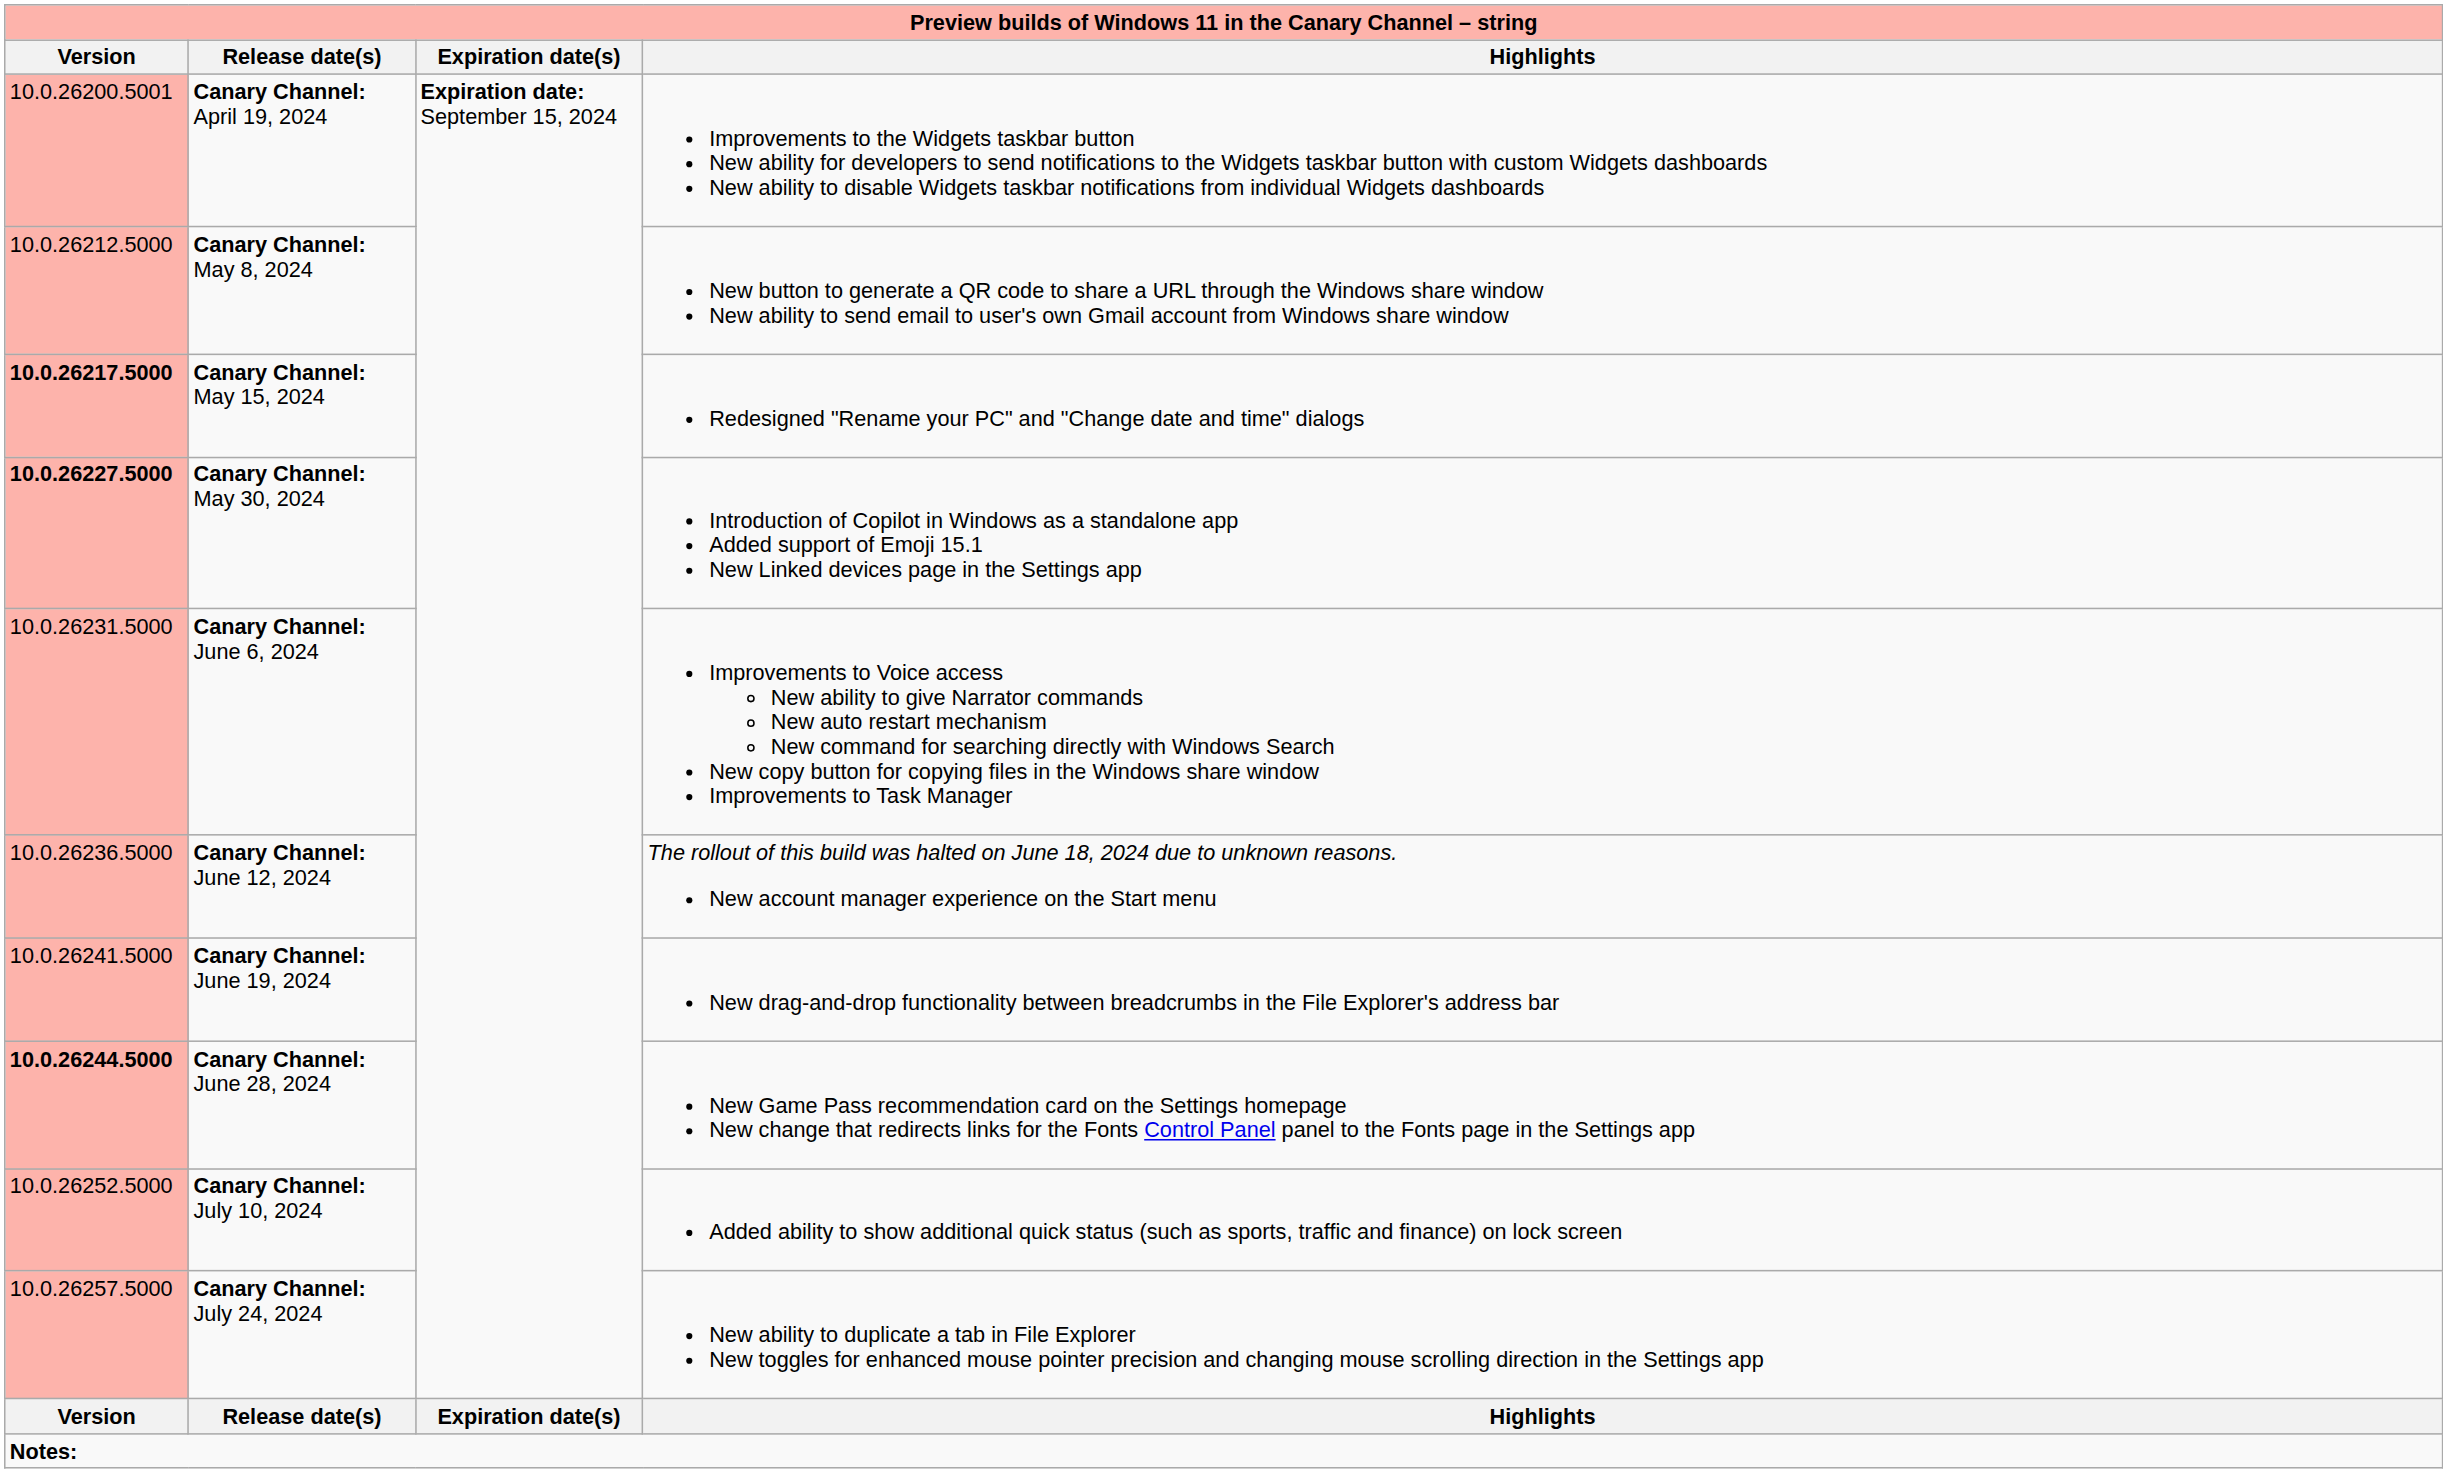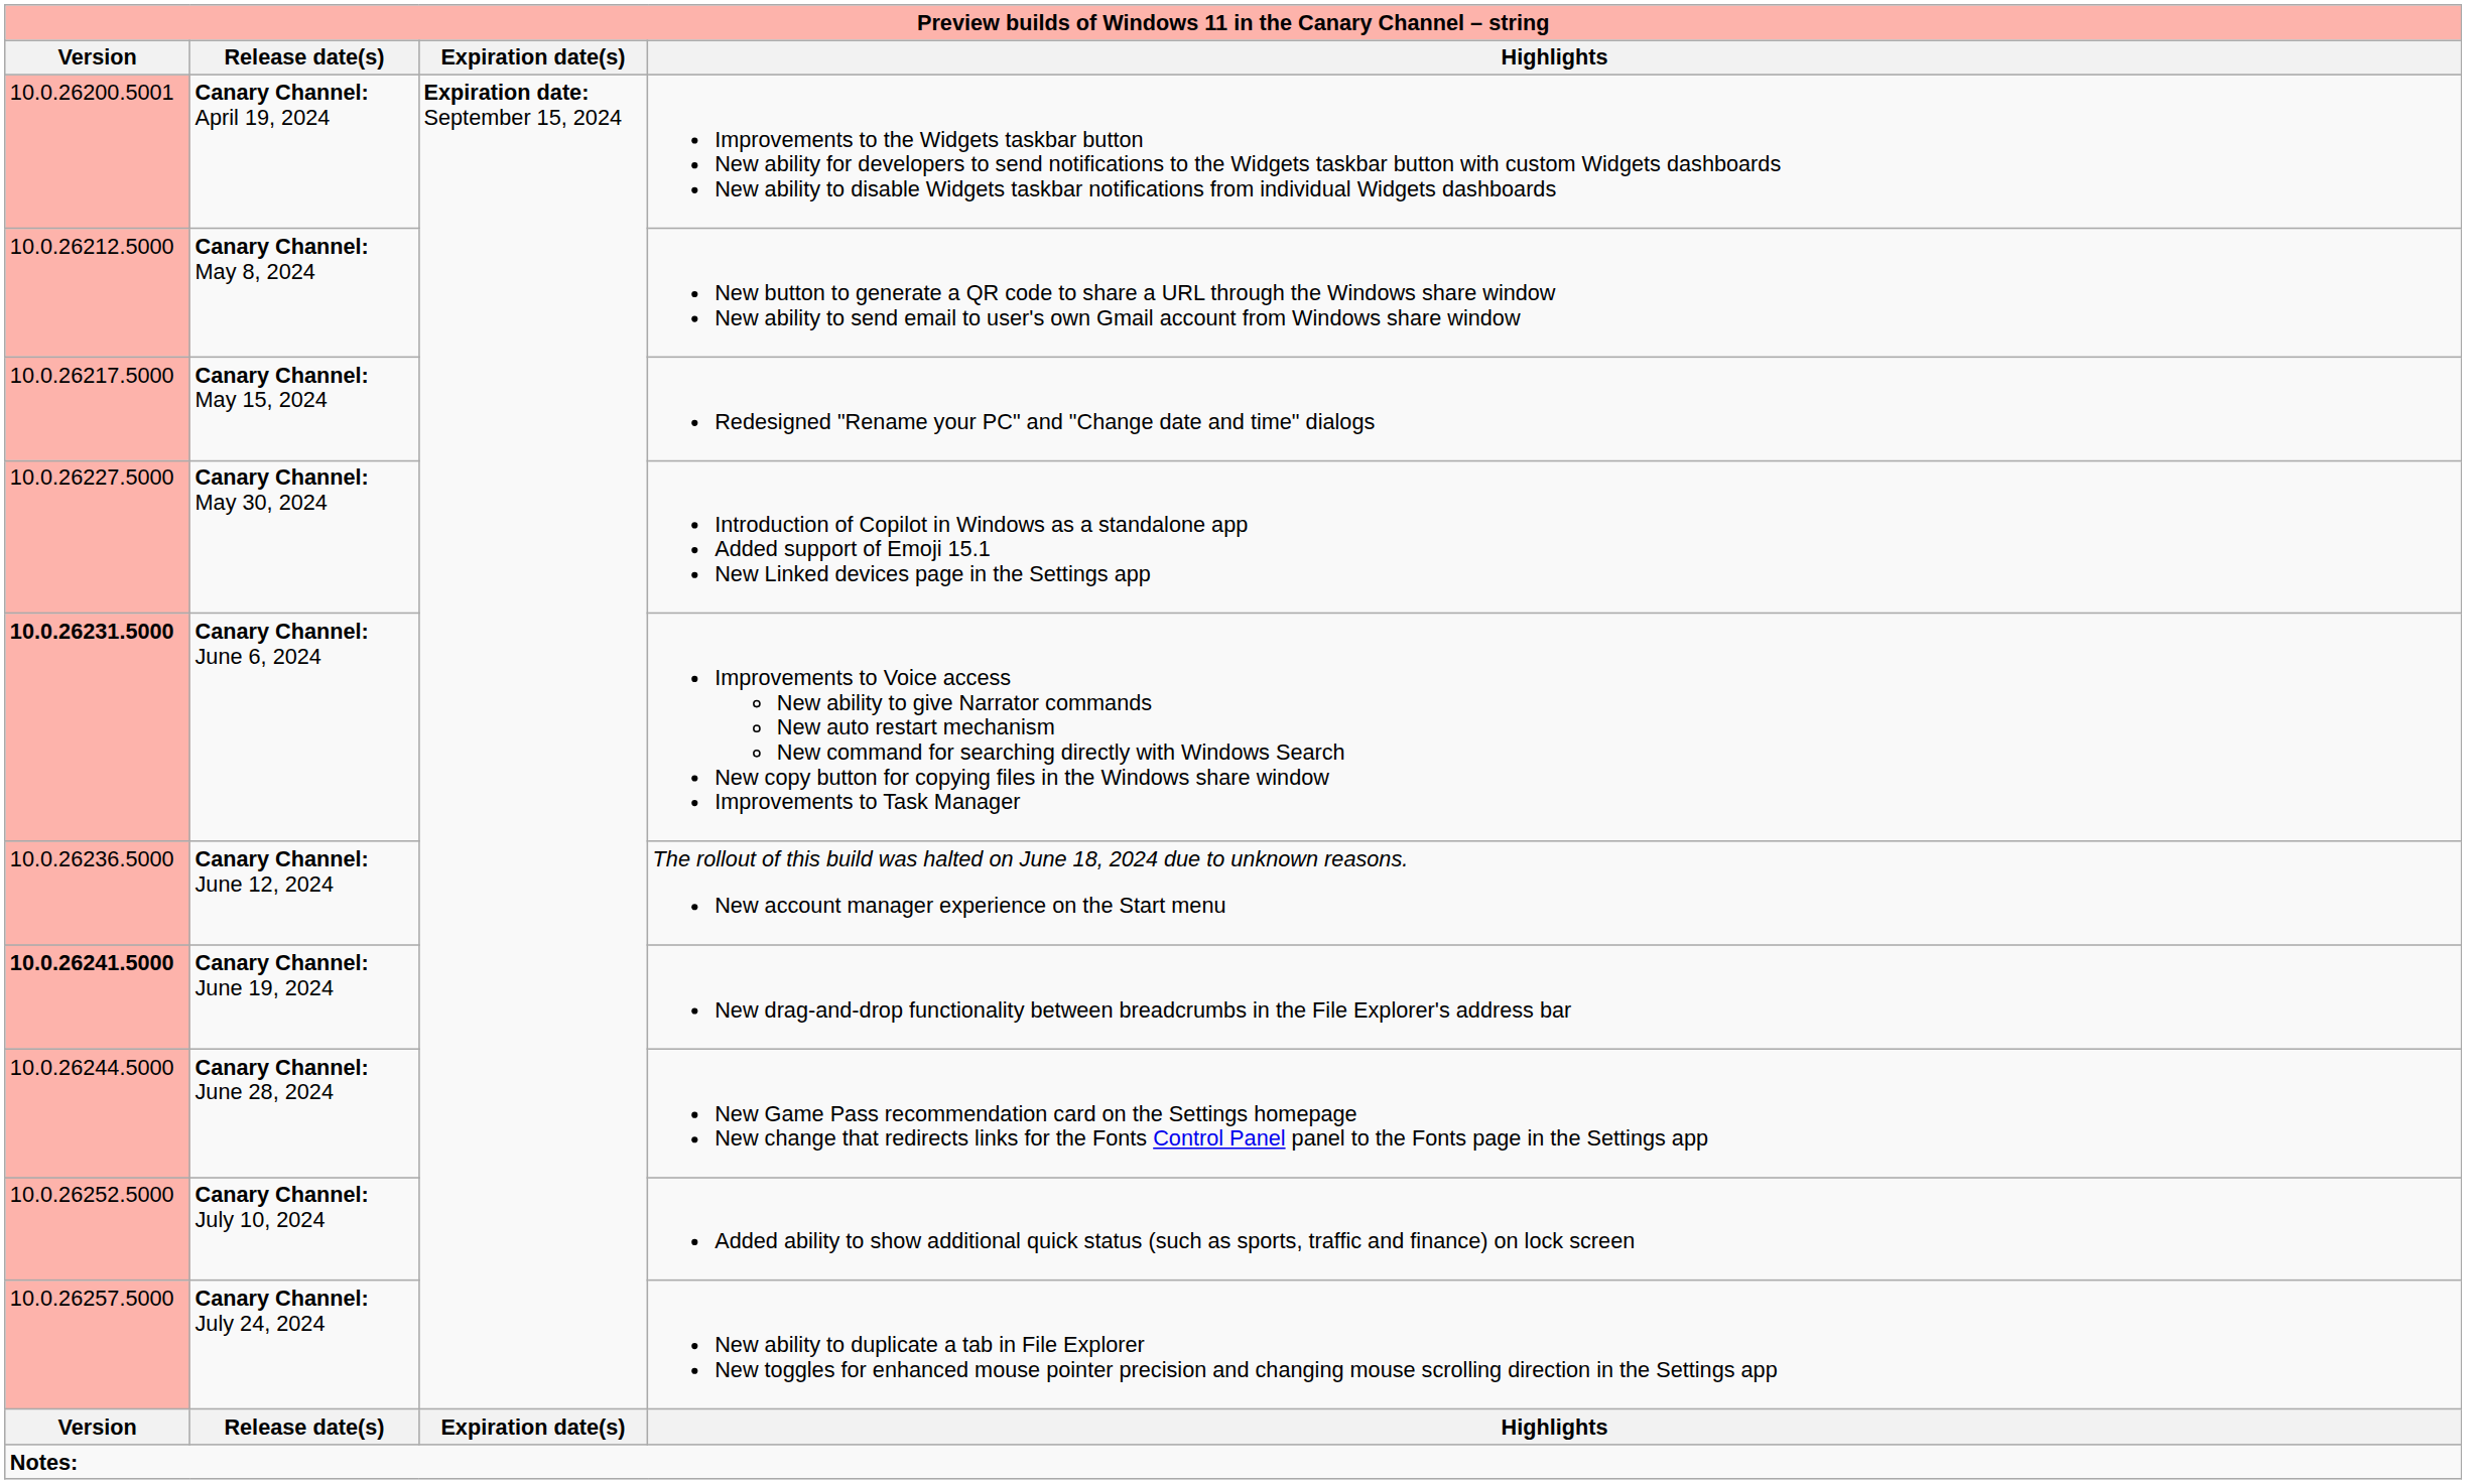 <table class="wikitable mw-collapsible mw-collapsed" style=width:100%;font-size:88%>
 <tr>
 <th colspan=4 style=background:#fdb3ab>Preview builds of Windows 11 in the Canary Channel –  string</th>
 </tr>
 <tr>
 <th scope=col style=width:8em>Version</th>
 <th scope=col style=width:10em>Release date(s)</th>
 <th scope=col style=width:10em>Expiration date(s)</th>
 <th scope=col>Highlights</th>
 </tr>
 <tr valign=top>
 <td style=background:#fdb3ab>10.0.26200.5001<br></td>
 <td><strong>Canary Channel:</strong><br>April 19, 2024</td>
 <td rowspan=10><strong>Expiration date:</strong><br>September 15, 2024</td>
 <td><br><ul><li>Improvements to the Widgets taskbar button</li><li>New ability for developers to send notifications to the Widgets taskbar button with custom Widgets dashboards</li><li>New ability to disable Widgets taskbar notifications from individual Widgets dashboards</li></ul></td>
 </tr>
 <tr valign=top>
 <td style=background:#fdb3ab>10.0.26212.5000<br></td>
 <td><strong>Canary Channel:</strong><br>May 8, 2024</td>
 <td><br><ul><li>New button to generate a QR code to share a URL through the Windows share window</li><li>New ability to send email to user's own Gmail account from Windows share window</li></ul></td>
 </tr>
 <tr valign=top>
-<td style=background:#fdb3ab><strong>10.0.26217.5000<br></strong></td>
+<td style=background:#fdb3ab>10.0.26217.5000<br></td>
 <td><strong>Canary Channel:</strong><br>May 15, 2024</td>
 <td><br><ul><li>Redesigned "Rename your PC" and "Change date and time" dialogs</li></ul></td>
 </tr>
 <tr valign=top>
-<td style=background:#fdb3ab><strong>10.0.26227.5000<br></strong></td>
+<td style=background:#fdb3ab>10.0.26227.5000<br></td>
 <td><strong>Canary Channel:</strong><br>May 30, 2024</td>
 <td><br><ul><li>Introduction of Copilot in Windows as a standalone app</li><li>Added support of Emoji 15.1</li><li>New Linked devices page in the Settings app</li></ul></td>
 </tr>
 <tr valign=top>
-<td style=background:#fdb3ab>10.0.26231.5000<br></td>
+<td style=background:#fdb3ab><strong>10.0.26231.5000<br></strong></td>
 <td><strong>Canary Channel:</strong><br>June 6, 2024</td>
 <td><br><ul><li>Improvements to Voice access<ul><li>New ability to give Narrator commands</li><li>New auto restart mechanism</li><li>New command for searching directly with Windows Search</li></ul></li><li>New copy button for copying files in the Windows share window</li><li>Improvements to Task Manager</li></ul></td>
 </tr>
 <tr valign=top>
 <td style=background:#fdb3ab>10.0.26236.5000<br></td>
 <td><strong>Canary Channel:</strong><br>June 12, 2024</td>
 <td><em>The rollout of this build was halted on June 18, 2024 due to unknown reasons.</em><br><ul><li>New account manager experience on the Start menu</li></ul></td>
 </tr>
 <tr valign=top>
-<td style=background:#fdb3ab>10.0.26241.5000<br></td>
+<td style=background:#fdb3ab><strong>10.0.26241.5000<br></strong></td>
 <td><strong>Canary Channel:</strong><br>June 19, 2024</td>
 <td><br><ul><li>New drag-and-drop functionality between breadcrumbs in the File Explorer's address bar</li></ul></td>
 </tr>
 <tr valign=top>
-<td style=background:#fdb3ab><strong>10.0.26244.5000<br></strong></td>
+<td style=background:#fdb3ab>10.0.26244.5000<br></td>
 <td><strong>Canary Channel:</strong><br>June 28, 2024</td>
 <td><br><ul><li>New Game Pass recommendation card on the Settings homepage</li><li>New change that redirects links for the Fonts <a href='#'>Control Panel</a> panel to the Fonts page in the Settings app</li></ul></td>
 </tr>
 <tr valign=top>
 <td style=background:#fdb3ab>10.0.26252.5000<br></td>
 <td><strong>Canary Channel:</strong><br>July 10, 2024</td>
 <td><br><ul><li>Added ability to show additional quick status (such as sports, traffic and finance) on lock screen</li></ul></td>
 </tr>
 <tr valign=top>
 <td style=background:#fdb3ab>10.0.26257.5000<br></td>
 <td><strong>Canary Channel:</strong><br>July 24, 2024</td>
 <td><br><ul><li>New ability to duplicate a tab in File Explorer</li><li>New toggles for enhanced mouse pointer precision and changing mouse scrolling direction in the Settings app</li></ul></td>
 </tr>
 <tr>
 <th>Version</th>
 <th>Release date(s)</th>
 <th>Expiration date(s)</th>
 <th>Highlights</th>
 </tr>
 <tr>
 <td class="wikitable mw-collapsible" colspan=4 style=text-align:left><strong>Notes:</strong></td>
 </tr>
 </table>
